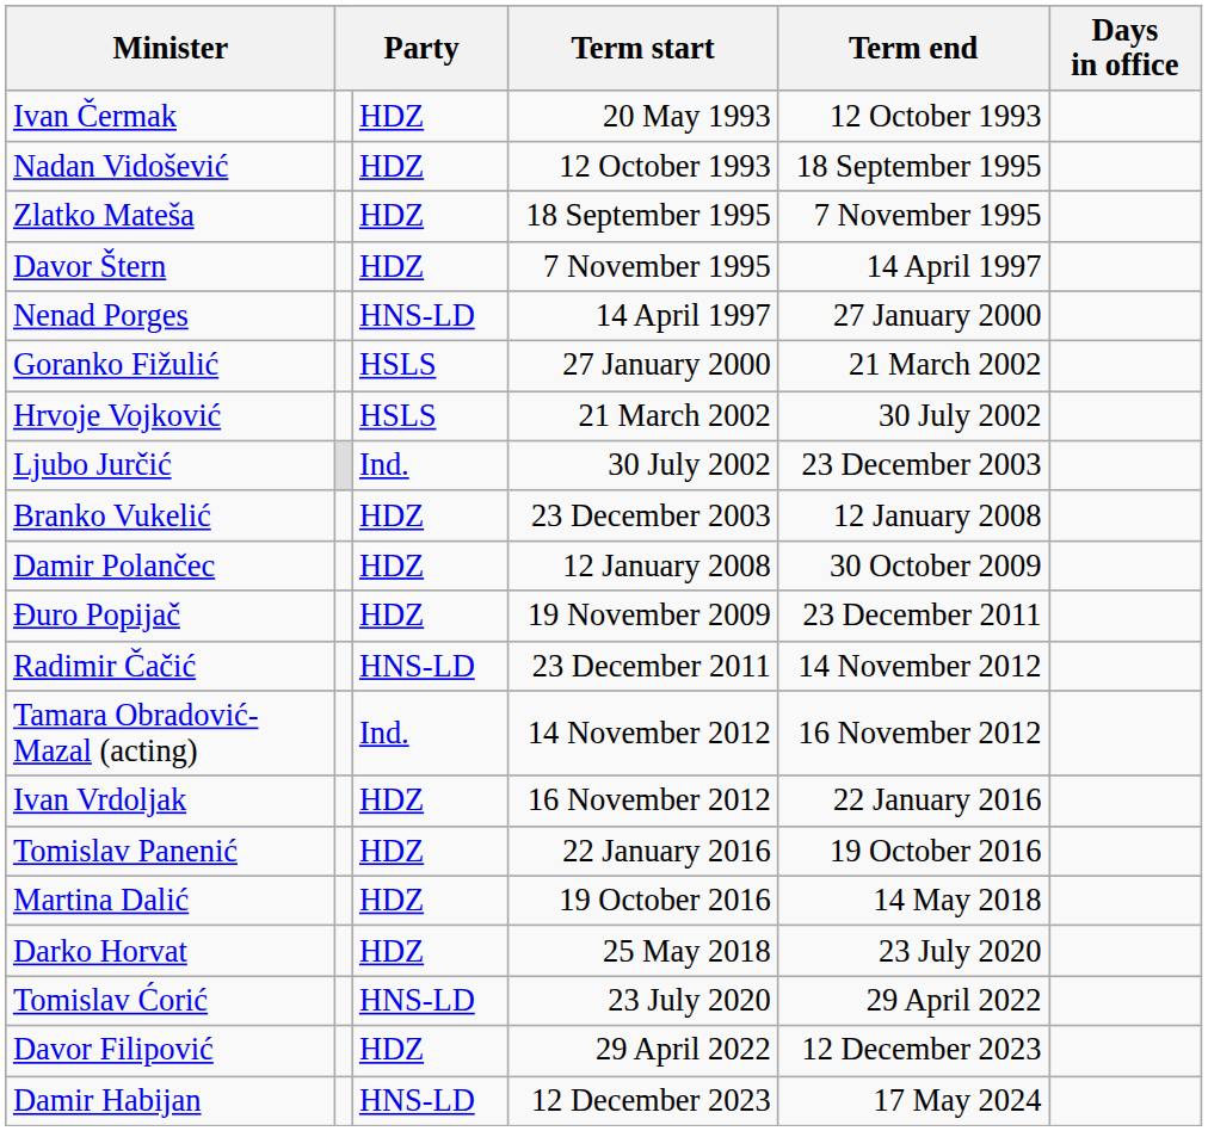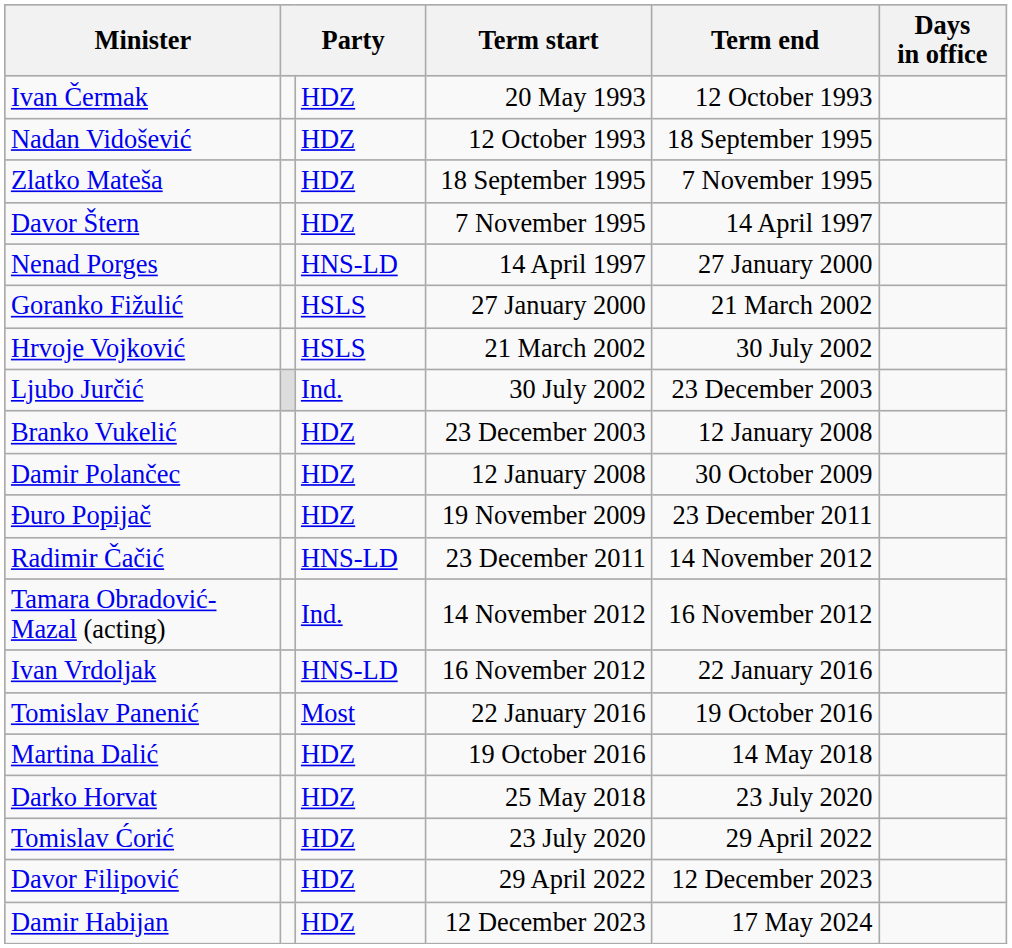 <table class="wikitable" style="text-align: left;">
 <tr>
 <th width="160">Minister</th>
 <th colspan=2 width="80">Party</th>
 <th width="130">Term start</th>
 <th width="130">Term end</th>
 <th width=70>Days<br> in office</th>
 </tr>
 <tr>
 <td><a href='#'>Ivan Čermak</a></td>
 <td style="background-color: "></td>
 <td><a href='#'>HDZ</a></td>
 <td align=right>20 May 1993</td>
 <td align=right>12 October 1993</td>
 <td align=right></td>
 </tr>
 <tr>
 <td><a href='#'>Nadan Vidošević</a></td>
 <td style="background-color: "></td>
 <td><a href='#'>HDZ</a></td>
 <td align=right>12 October 1993</td>
 <td align=right>18 September 1995</td>
 <td align=right></td>
 </tr>
 <tr>
 <td><a href='#'>Zlatko Mateša</a></td>
 <td style="background-color: "></td>
 <td><a href='#'>HDZ</a></td>
 <td align=right>18 September 1995</td>
 <td align=right>7 November 1995</td>
 <td align=right></td>
 </tr>
 <tr>
 <td><a href='#'>Davor Štern</a></td>
 <td style="background-color: "></td>
 <td><a href='#'>HDZ</a></td>
 <td align=right>7 November 1995</td>
 <td align=right>14 April 1997</td>
 <td align=right></td>
 </tr>
 <tr>
 <td><a href='#'>Nenad Porges</a></td>
 <td style="background-color: "></td>
 <td><a href='#'>HNS-LD</a></td>
 <td align=right>14 April 1997</td>
 <td align=right>27 January 2000</td>
 <td align=right></td>
 </tr>
 <tr>
 <td><a href='#'>Goranko Fižulić</a></td>
 <td style="background-color: "></td>
 <td><a href='#'>HSLS</a></td>
 <td align=right>27 January 2000</td>
 <td align=right>21 March 2002</td>
 <td align=right></td>
 </tr>
 <tr>
 <td><a href='#'>Hrvoje Vojković</a></td>
 <td style="background-color: "></td>
 <td><a href='#'>HSLS</a></td>
 <td align=right>21 March 2002</td>
 <td align=right>30 July 2002</td>
 <td align=right></td>
 </tr>
 <tr>
 <td><a href='#'>Ljubo Jurčić</a></td>
 <td style="background-color: #DDDDDD" width="1px"></td>
 <td><a href='#'>Ind.</a></td>
 <td align=right>30 July 2002</td>
 <td align=right>23 December 2003</td>
 <td align=right></td>
 </tr>
 <tr>
 <td><a href='#'>Branko Vukelić</a></td>
 <td style="background-color: "></td>
 <td><a href='#'>HDZ</a></td>
 <td align=right>23 December 2003</td>
 <td align=right>12 January 2008</td>
 <td align=right></td>
 </tr>
 <tr>
 <td><a href='#'>Damir Polančec</a></td>
 <td style="background-color: "></td>
 <td><a href='#'>HDZ</a></td>
 <td align=right>12 January 2008</td>
 <td align=right>30 October 2009</td>
 <td align=right></td>
 </tr>
 <tr>
 <td><a href='#'>Đuro Popijač</a></td>
 <td style="background-color: "></td>
 <td><a href='#'>HDZ</a></td>
 <td align=right>19 November 2009</td>
 <td align=right>23 December 2011</td>
 <td align=right></td>
 </tr>
 <tr>
 <td><a href='#'>Radimir Čačić</a></td>
 <td style="background-color: "></td>
 <td><a href='#'>HNS-LD</a></td>
 <td align=right>23 December 2011</td>
 <td align=right>14 November 2012</td>
 <td align=right></td>
 </tr>
 <tr>
 <td><a href='#'>Tamara Obradović-Mazal</a> (acting)</td>
 <td style="background-color: "></td>
 <td><a href='#'>Ind.</a></td>
 <td align=right>14 November 2012</td>
 <td align=right>16 November 2012</td>
 <td align=right></td>
 </tr>
 <tr>
 <td><a href='#'>Ivan Vrdoljak</a></td>
 <td style="background-color: "></td>
-<td><a href='#'>HDZ</a></td>
+<td><a href='#'>HNS-LD</a></td>
 <td align=right>16 November 2012</td>
 <td align=right>22 January 2016</td>
 <td align=right></td>
 </tr>
 <tr>
 <td><a href='#'>Tomislav Panenić</a></td>
 <td style="background-color: "></td>
-<td><a href='#'>HDZ</a></td>
+<td><a href='#'>Most</a></td>
 <td align=right>22 January 2016</td>
 <td align=right>19 October 2016</td>
 <td align=right></td>
 </tr>
 <tr>
 <td><a href='#'>Martina Dalić</a></td>
 <td style="background-color: "></td>
 <td><a href='#'>HDZ</a></td>
 <td align=right>19 October 2016</td>
 <td align=right>14 May 2018</td>
 <td align=right></td>
 </tr>
 <tr>
 <td><a href='#'>Darko Horvat</a></td>
 <td style="background-color: "></td>
 <td><a href='#'>HDZ</a></td>
 <td align=right>25 May 2018</td>
 <td align=right>23 July 2020</td>
 <td align=right></td>
 </tr>
 <tr>
 <td><a href='#'>Tomislav Ćorić</a></td>
 <td style="background-color: "></td>
-<td><a href='#'>HNS-LD</a></td>
+<td><a href='#'>HDZ</a></td>
 <td align=right>23 July 2020</td>
 <td align=right>29 April 2022</td>
 <td align=right></td>
 </tr>
 <tr>
 <td><a href='#'>Davor Filipović</a></td>
 <td style="background-color: "></td>
 <td><a href='#'>HDZ</a></td>
 <td align=right>29 April 2022</td>
 <td align=right>12 December 2023</td>
 <td align=right></td>
 </tr>
 <tr>
 <td><a href='#'>Damir Habijan</a></td>
 <td style="background-color: "></td>
-<td><a href='#'>HNS-LD</a></td>
+<td><a href='#'>HDZ</a></td>
 <td align=right>12 December 2023</td>
 <td align=right>17 May 2024</td>
 <td align=right></td>
 </tr>
 </table>
